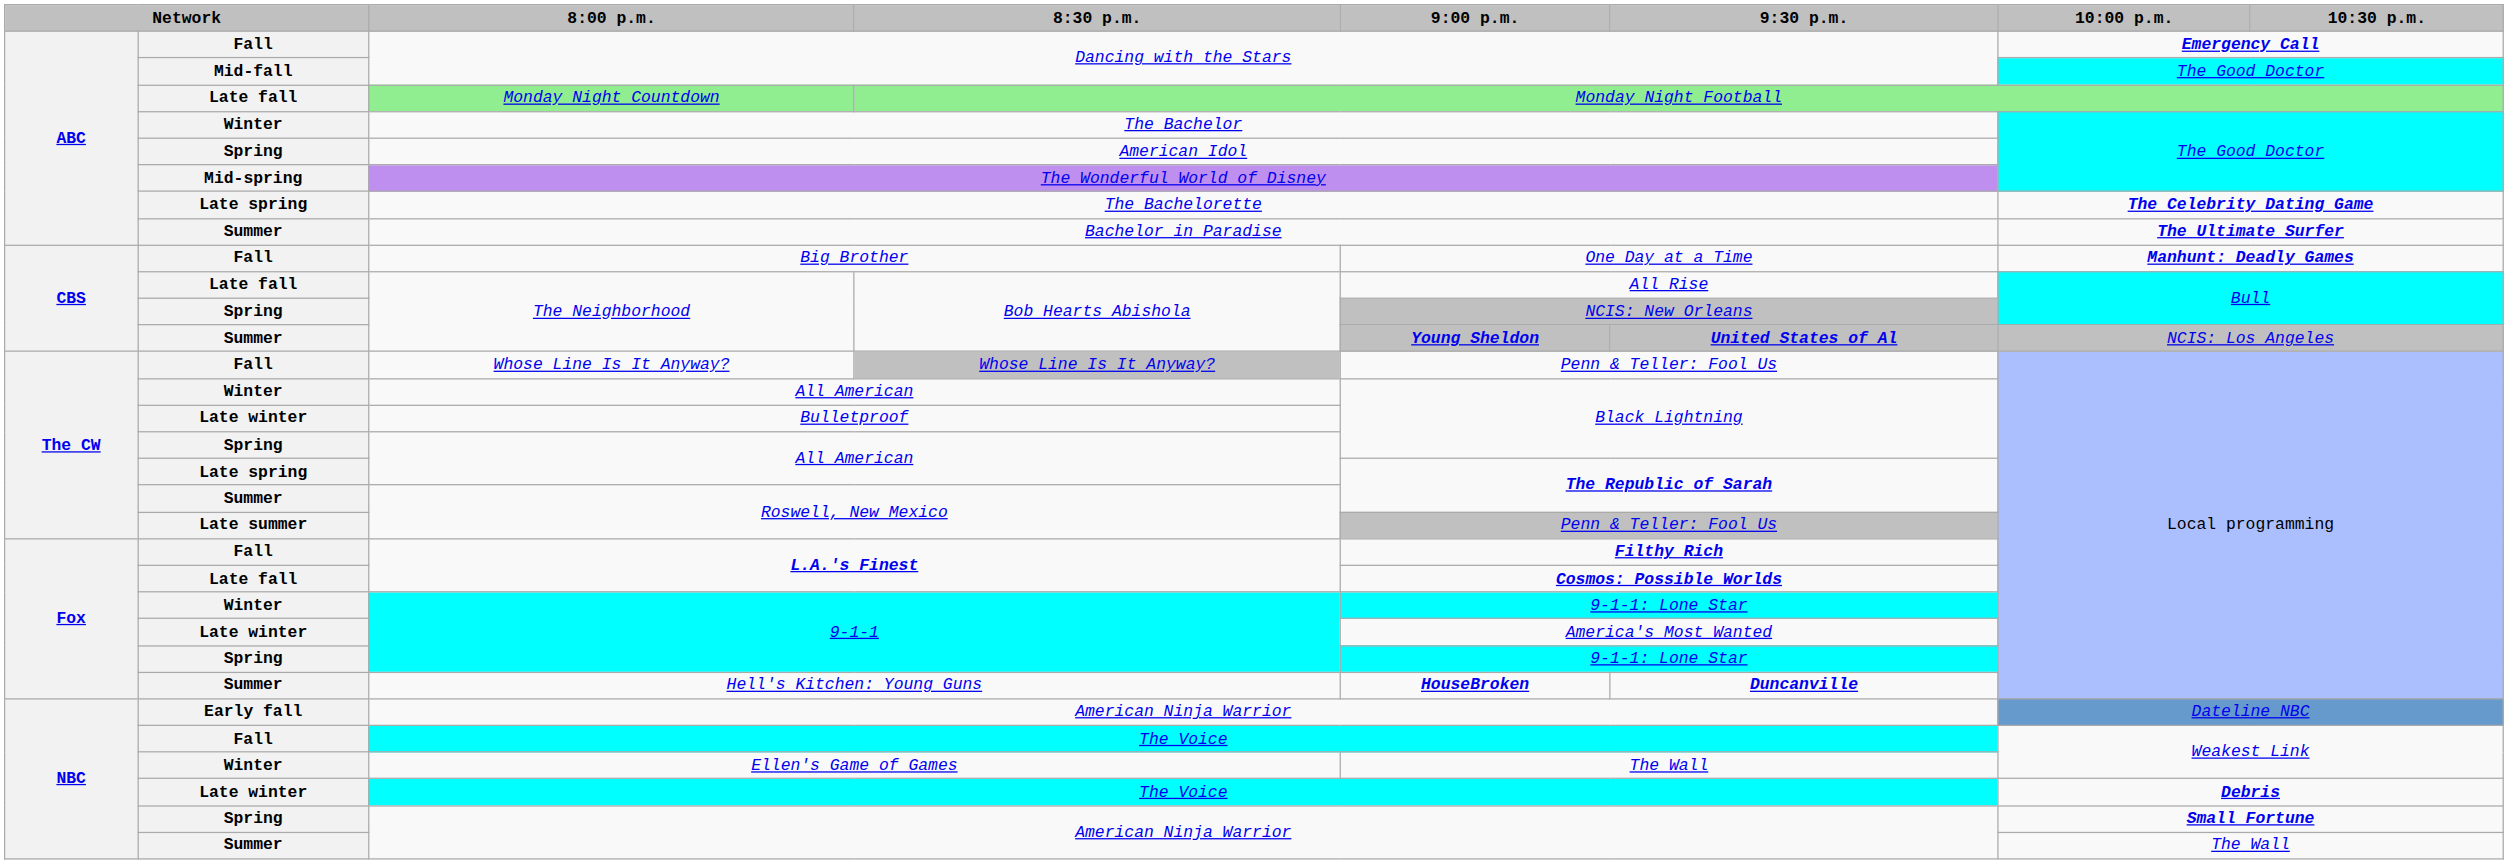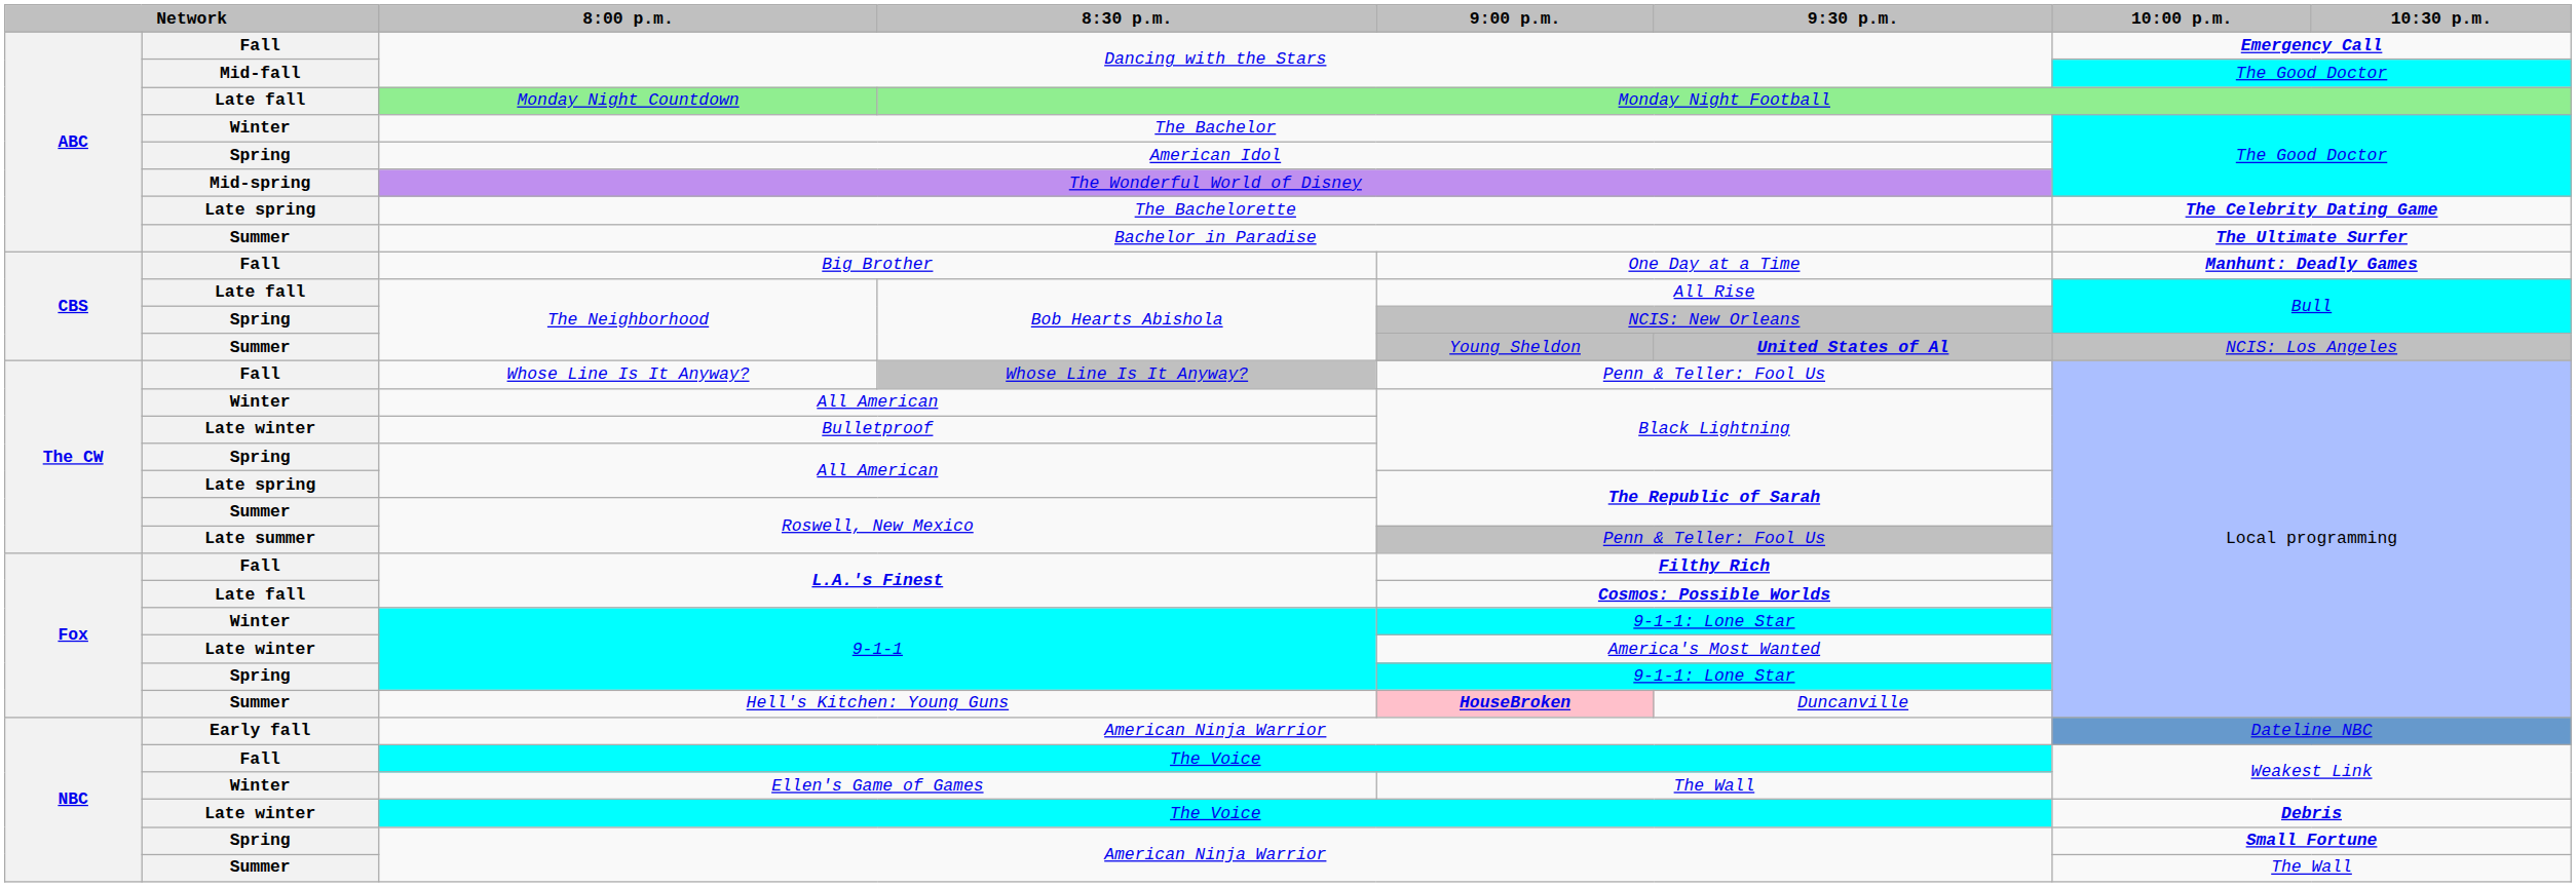 <table class="wikitable" style="width:100%;margin-right:0;text-align:center">
 <tr>
 <th colspan="2" style="background-color:#C0C0C0;text-align:center">Network</th>
 <th style="background-color:#C0C0C0;text-align:center">8:00 p.m.</th>
 <th style="background-color:#C0C0C0;text-align:center">8:30 p.m.</th>
 <th style="background-color:#C0C0C0;text-align:center">9:00 p.m.</th>
 <th style="background-color:#C0C0C0;text-align:center">9:30 p.m.</th>
 <th style="background-color:#C0C0C0;text-align:center">10:00 p.m.</th>
 <th style="background-color:#C0C0C0;text-align:center">10:30 p.m.</th>
 </tr>
 <tr>
 <th rowspan="8"><a href='#'>ABC</a></th>
 <th>Fall</th>
 <td rowspan="2" colspan="4"><em><a href='#'>Dancing with the Stars</a></em></td>
 <td colspan="2"><strong><em><a href='#'>Emergency Call</a></em></strong></td>
 </tr>
 <tr>
 <th>Mid-fall</th>
 <td colspan="2" style="background:#00FFFF;"><em><a href='#'>The Good Doctor</a></em> </td>
 </tr>
 <tr>
 <th>Late fall</th>
 <td style="background:lightgreen;"><em><a href='#'>Monday Night Countdown</a></em></td>
 <td colspan="5" style="background:lightgreen;"><em><a href='#'>Monday Night Football</a></em> </td>
 </tr>
 <tr>
 <th>Winter</th>
 <td colspan="4"><em><a href='#'>The Bachelor</a></em></td>
 <td rowspan="3" colspan="2" style="background:#00FFFF;"><em><a href='#'>The Good Doctor</a></em> </td>
 </tr>
 <tr>
 <th>Spring</th>
 <td colspan="4"><em><a href='#'>American Idol</a></em></td>
 </tr>
 <tr>
 <th>Mid-spring</th>
 <td colspan="4" style="background:#bf8fef;"><em><a href='#'>The Wonderful World of Disney</a></em></td>
 </tr>
 <tr>
 <th>Late spring</th>
 <td colspan="4"><em><a href='#'>The Bachelorette</a></em></td>
 <td colspan="2"><strong><em><a href='#'>The Celebrity Dating Game</a></em></strong></td>
 </tr>
 <tr>
 <th>Summer</th>
 <td colspan="4"><em><a href='#'>Bachelor in Paradise</a></em></td>
 <td colspan="2"><strong><em><a href='#'>The Ultimate Surfer</a></em></strong></td>
 </tr>
 <tr>
 <th rowspan="4"><a href='#'>CBS</a></th>
 <th>Fall</th>
 <td colspan="2"><em><a href='#'>Big Brother</a></em></td>
 <td colspan="2"><em><a href='#'>One Day at a Time</a></em></td>
 <td colspan="2"><strong><em><a href='#'>Manhunt: Deadly Games</a></em></strong></td>
 </tr>
 <tr>
 <th>Late fall</th>
 <td rowspan="3"><em><a href='#'>The Neighborhood</a></em></td>
 <td rowspan="3"><em><a href='#'>Bob Hearts Abishola</a></em></td>
 <td colspan="2"><em><a href='#'>All Rise</a></em></td>
 <td rowspan="2" colspan="2" style="background:#00FFFF;"><em><a href='#'>Bull</a></em> </td>
 </tr>
 <tr>
 <th>Spring</th>
 <td colspan="2" style="background:#C0C0C0;"><em><a href='#'>NCIS: New Orleans</a></em> </td>
 </tr>
 <tr>
 <th>Summer</th>
-<td style="background:#C0C0C0;"><strong><em><a href='#'>Young Sheldon</a></em> </strong></td>
+<td style="background:#C0C0C0;"><em><a href='#'>Young Sheldon</a></em> </td>
 <td style="background:#C0C0C0;"><strong><em><a href='#'>United States of Al</a></em></strong> </td>
 <td colspan="2" style="background:#C0C0C0;"><em><a href='#'>NCIS: Los Angeles</a></em> </td>
 </tr>
 <tr>
 <th rowspan="7"><a href='#'>The CW</a></th>
 <th>Fall</th>
 <td><em><a href='#'>Whose Line Is It Anyway?</a></em></td>
 <td style="background:#C0C0C0;"><em><a href='#'>Whose Line Is It Anyway?</a></em> </td>
 <td colspan="2"><em><a href='#'>Penn & Teller: Fool Us</a></em></td>
 <td rowspan="13" colspan="2" style="background:#abbfff;">Local programming</td>
 </tr>
 <tr>
 <th>Winter</th>
 <td colspan="2"><em><a href='#'>All American</a></em></td>
 <td rowspan="3" colspan="2"><em><a href='#'>Black Lightning</a></em></td>
 </tr>
 <tr>
 <th>Late winter</th>
 <td colspan="2"><em><a href='#'>Bulletproof</a></em></td>
 </tr>
 <tr>
 <th>Spring</th>
 <td rowspan="2" colspan="2"><em><a href='#'>All American</a></em></td>
 </tr>
 <tr>
 <th>Late spring</th>
 <td rowspan="2" colspan="2"><strong><em><a href='#'>The Republic of Sarah</a></em></strong></td>
 </tr>
 <tr>
 <th>Summer</th>
 <td rowspan="2" colspan="2"><em><a href='#'>Roswell, New Mexico</a></em></td>
 </tr>
 <tr>
 <th>Late summer</th>
 <td colspan="2" style="background:#C0C0C0;"><em><a href='#'>Penn & Teller: Fool Us</a></em> </td>
 </tr>
 <tr>
 <th rowspan="6"><a href='#'>Fox</a></th>
 <th>Fall</th>
 <td rowspan="2" colspan="2"><strong><em><a href='#'>L.A.'s Finest</a></em></strong></td>
 <td colspan="2"><strong><em><a href='#'>Filthy Rich</a></em></strong></td>
 </tr>
 <tr>
 <th>Late fall</th>
 <td colspan="2"><strong><em><a href='#'>Cosmos: Possible Worlds</a></em></strong></td>
 </tr>
 <tr>
 <th>Winter</th>
 <td rowspan="3" colspan="2" style="background:#00FFFF;"><em><a href='#'>9-1-1</a></em> </td>
 <td colspan="2" style="background:#00FFFF;"><em><a href='#'>9-1-1: Lone Star</a></em> </td>
 </tr>
 <tr>
 <th>Late winter</th>
 <td colspan="2"><em><a href='#'>America's Most Wanted</a></em></td>
 </tr>
 <tr>
 <th>Spring</th>
 <td colspan="2" style="background:#00FFFF;"><em><a href='#'>9-1-1: Lone Star</a></em> </td>
 </tr>
 <tr>
 <th>Summer</th>
 <td colspan="2"><em><a href='#'>Hell's Kitchen: Young Guns</a></em></td>
-<td><strong><em><a href='#'>HouseBroken</a></em></strong></td>
-<td><strong><em><a href='#'>Duncanville</a></em></strong></td>
+<td style="background: pink;"><strong><em><a href='#'>HouseBroken</a></em></strong></td>
+<td><em><a href='#'>Duncanville</a></em></td>
 </tr>
 <tr>
 <th rowspan="6"><a href='#'>NBC</a></th>
 <th>Early fall</th>
 <td colspan="4"><em><a href='#'>American Ninja Warrior</a></em></td>
 <td colspan="2" style="background:#6699CC;"><em><a href='#'>Dateline NBC</a></em></td>
 </tr>
 <tr>
 <th>Fall</th>
 <td colspan="4" style="background:#00FFFF;"><em><a href='#'>The Voice</a></em> </td>
 <td rowspan="2" colspan="2"><em><a href='#'>Weakest Link</a></em></td>
 </tr>
 <tr>
 <th>Winter</th>
 <td colspan="2"><em><a href='#'>Ellen's Game of Games</a></em></td>
 <td colspan="2"><em><a href='#'>The Wall</a></em></td>
 </tr>
 <tr>
 <th>Late winter</th>
 <td colspan="4" style="background:#00FFFF;"><em><a href='#'>The Voice</a></em> </td>
 <td colspan="2"><strong><em><a href='#'>Debris</a></em></strong></td>
 </tr>
 <tr>
 <th>Spring</th>
 <td rowspan="2" colspan="4"><em><a href='#'>American Ninja Warrior</a></em></td>
 <td colspan="2"><strong><em><a href='#'>Small Fortune</a></em></strong></td>
 </tr>
 <tr>
 <th>Summer</th>
 <td colspan="2"><em><a href='#'>The Wall</a></em></td>
 </tr>
 </table>
